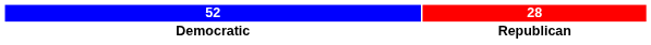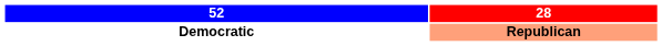 <table style="width:60%; text-align:center;">
 <tr style="color:white;">
 <td style="background:blue; width:65%;"><strong>52</strong></td>
 <td style="background:red; width:35%;"><strong>28</strong></td>
 </tr>
 <tr>
 <td><span><strong>Democratic</strong></span></td>
-<td><span><strong>Republican</strong></span></td>
+<td style="background: lightsalmon;"><span><strong>Republican</strong></span></td>
 </tr>
 </table>
